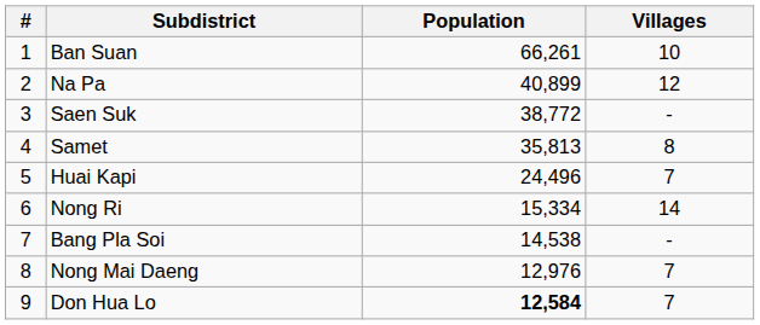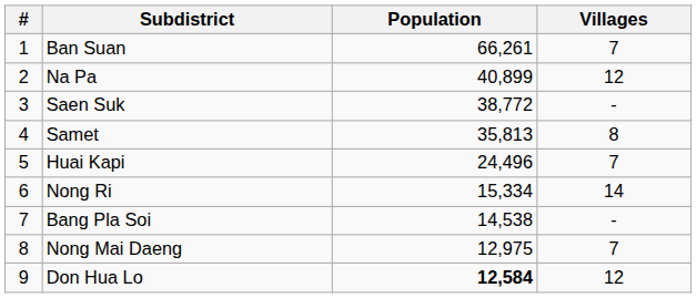 <table class="wikitable" style="width:48%; display:inline-table;">
 <tr>
 <th>#</th>
 <th>Subdistrict</th>
 <th>Population</th>
 <th>Villages</th>
 </tr>
 <tr>
 <td style="text-align:center;">1</td>
 <td>Ban Suan</td>
 <td style="text-align:right;">66,261</td>
-<td style="text-align:center;">10</td>
+<td style="text-align:center;">7</td>
 </tr>
 <tr>
 <td style="text-align:center;">2</td>
 <td>Na Pa</td>
 <td style="text-align:right;">40,899</td>
 <td style="text-align:center;">12</td>
 </tr>
 <tr>
 <td style="text-align:center;">3</td>
 <td>Saen Suk</td>
 <td style="text-align:right;">38,772</td>
 <td style="text-align:center;">-</td>
 </tr>
 <tr>
 <td style="text-align:center;">4</td>
 <td>Samet</td>
 <td style="text-align:right;">35,813</td>
 <td style="text-align:center;">8</td>
 </tr>
 <tr>
 <td style="text-align:center;">5</td>
 <td>Huai Kapi</td>
 <td style="text-align:right;">24,496</td>
 <td style="text-align:center;">7</td>
 </tr>
 <tr>
 <td style="text-align:center;">6</td>
 <td>Nong Ri</td>
 <td style="text-align:right;">15,334</td>
 <td style="text-align:center;">14</td>
 </tr>
 <tr>
 <td style="text-align:center;">7</td>
 <td>Bang Pla Soi</td>
 <td style="text-align:right;">14,538</td>
 <td style="text-align:center;">-</td>
 </tr>
 <tr>
 <td style="text-align:center;">8</td>
 <td>Nong Mai Daeng</td>
-<td style="text-align:right;">12,976</td>
+<td style="text-align:right;">12,975</td>
 <td style="text-align:center;">7</td>
 </tr>
 <tr>
 <td style="text-align:center;">9</td>
 <td>Don Hua Lo</td>
 <td style="text-align:right;"><strong>12,584</strong></td>
-<td style="text-align:center;">7</td>
+<td style="text-align:center;">12</td>
 </tr>
 </table>
